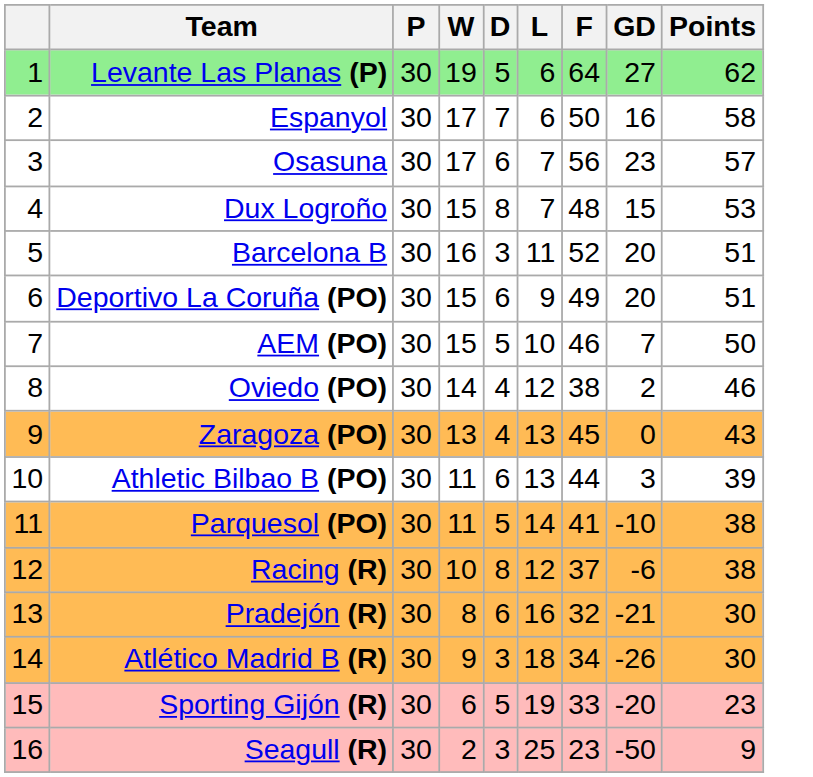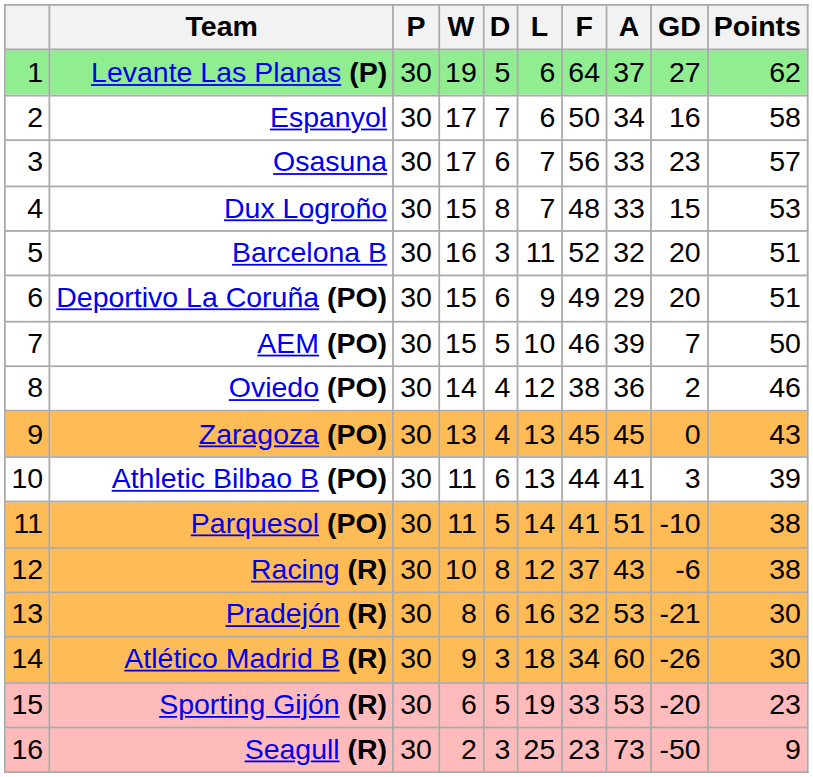 <table class="wikitable sortable col2izq" style="text-align: right">
 <tr>
 <th></th>
 <th>Team</th>
 <th>P</th>
 <th>W</th>
 <th>D</th>
 <th>L</th>
 <th>F</th>
+<th>A</th>
 <th>GD</th>
 <th>Points</th>
 </tr>
 <tr style="background:lightgreen">
 <td>1</td>
 <td><a href='#'>Levante Las Planas</a> <strong>(P)</strong></td>
 <td>30</td>
 <td>19</td>
 <td>5</td>
 <td>6</td>
 <td>64</td>
+<td>37</td>
 <td>27</td>
 <td>62</td>
 </tr>
 <tr style="background:#FFFFFF;">
 <td>2</td>
 <td><a href='#'>Espanyol</a></td>
 <td>30</td>
 <td>17</td>
 <td>7</td>
 <td>6</td>
 <td>50</td>
+<td>34</td>
 <td>16</td>
 <td>58</td>
 </tr>
 <tr style="background:#FFFFFF;">
 <td>3</td>
 <td><a href='#'>Osasuna</a></td>
 <td>30</td>
 <td>17</td>
 <td>6</td>
 <td>7</td>
 <td>56</td>
+<td>33</td>
 <td>23</td>
 <td>57</td>
 </tr>
 <tr style="background:#FFFFFF;">
 <td>4</td>
 <td><a href='#'>Dux Logroño</a></td>
 <td>30</td>
 <td>15</td>
 <td>8</td>
 <td>7</td>
 <td>48</td>
+<td>33</td>
 <td>15</td>
 <td>53</td>
 </tr>
 <tr style="background:#FFFFFF;">
 <td>5</td>
 <td><a href='#'>Barcelona B</a></td>
 <td>30</td>
 <td>16</td>
 <td>3</td>
 <td>11</td>
 <td>52</td>
+<td>32</td>
 <td>20</td>
 <td>51</td>
 </tr>
 <tr style="background:#FFFFFF;">
 <td>6</td>
 <td><a href='#'>Deportivo La Coruña</a> <strong>(PO)</strong></td>
 <td>30</td>
 <td>15</td>
 <td>6</td>
 <td>9</td>
 <td>49</td>
+<td>29</td>
 <td>20</td>
 <td>51</td>
 </tr>
 <tr style="background:#FFFFFF;">
 <td>7</td>
 <td><a href='#'>AEM</a> <strong>(PO)</strong></td>
 <td>30</td>
 <td>15</td>
 <td>5</td>
 <td>10</td>
 <td>46</td>
+<td>39</td>
 <td>7</td>
 <td>50</td>
 </tr>
 <tr style="background:#FFFFFF;">
 <td>8</td>
 <td><a href='#'>Oviedo</a> <strong>(PO)</strong></td>
 <td>30</td>
 <td>14</td>
 <td>4</td>
 <td>12</td>
 <td>38</td>
+<td>36</td>
 <td>2</td>
 <td>46</td>
 </tr>
 <tr style="background:#FFBB55;">
 <td>9</td>
 <td><a href='#'>Zaragoza</a> <strong>(PO)</strong></td>
 <td>30</td>
 <td>13</td>
 <td>4</td>
 <td>13</td>
+<td>45</td>
 <td>45</td>
 <td>0</td>
 <td>43</td>
 </tr>
 <tr style="background:#FFFFFF;">
 <td>10</td>
 <td><a href='#'>Athletic Bilbao B</a> <strong>(PO)</strong></td>
 <td>30</td>
 <td>11</td>
 <td>6</td>
 <td>13</td>
 <td>44</td>
+<td>41</td>
 <td>3</td>
 <td>39</td>
 </tr>
 <tr style="background:#FFBB55;">
 <td>11</td>
 <td><a href='#'>Parquesol</a> <strong>(PO)</strong></td>
 <td>30</td>
 <td>11</td>
 <td>5</td>
 <td>14</td>
 <td>41</td>
+<td>51</td>
 <td>-10</td>
 <td>38</td>
 </tr>
 <tr style="background:#FFBB55;">
 <td>12</td>
 <td><a href='#'>Racing</a> <strong>(R)</strong></td>
 <td>30</td>
 <td>10</td>
 <td>8</td>
 <td>12</td>
 <td>37</td>
+<td>43</td>
 <td>-6</td>
 <td>38</td>
 </tr>
 <tr style="background:#FFBB55;">
 <td>13</td>
 <td><a href='#'>Pradejón</a> <strong>(R)</strong></td>
 <td>30</td>
 <td>8</td>
 <td>6</td>
 <td>16</td>
 <td>32</td>
+<td>53</td>
 <td>-21</td>
 <td>30</td>
 </tr>
 <tr style="background:#FFBB55;">
 <td>14</td>
 <td><a href='#'>Atlético Madrid B</a> <strong>(R)</strong></td>
 <td>30</td>
 <td>9</td>
 <td>3</td>
 <td>18</td>
 <td>34</td>
+<td>60</td>
 <td>-26</td>
 <td>30</td>
 </tr>
 <tr style="background:#FFBBBB;">
 <td>15</td>
 <td><a href='#'>Sporting Gijón</a> <strong>(R)</strong></td>
 <td>30</td>
 <td>6</td>
 <td>5</td>
 <td>19</td>
 <td>33</td>
+<td>53</td>
 <td>-20</td>
 <td>23</td>
 </tr>
 <tr style="background:#FFBBBB;">
 <td>16</td>
 <td><a href='#'>Seagull</a> <strong>(R)</strong></td>
 <td>30</td>
 <td>2</td>
 <td>3</td>
 <td>25</td>
 <td>23</td>
+<td>73</td>
 <td>-50</td>
 <td>9</td>
 </tr>
 </table>
